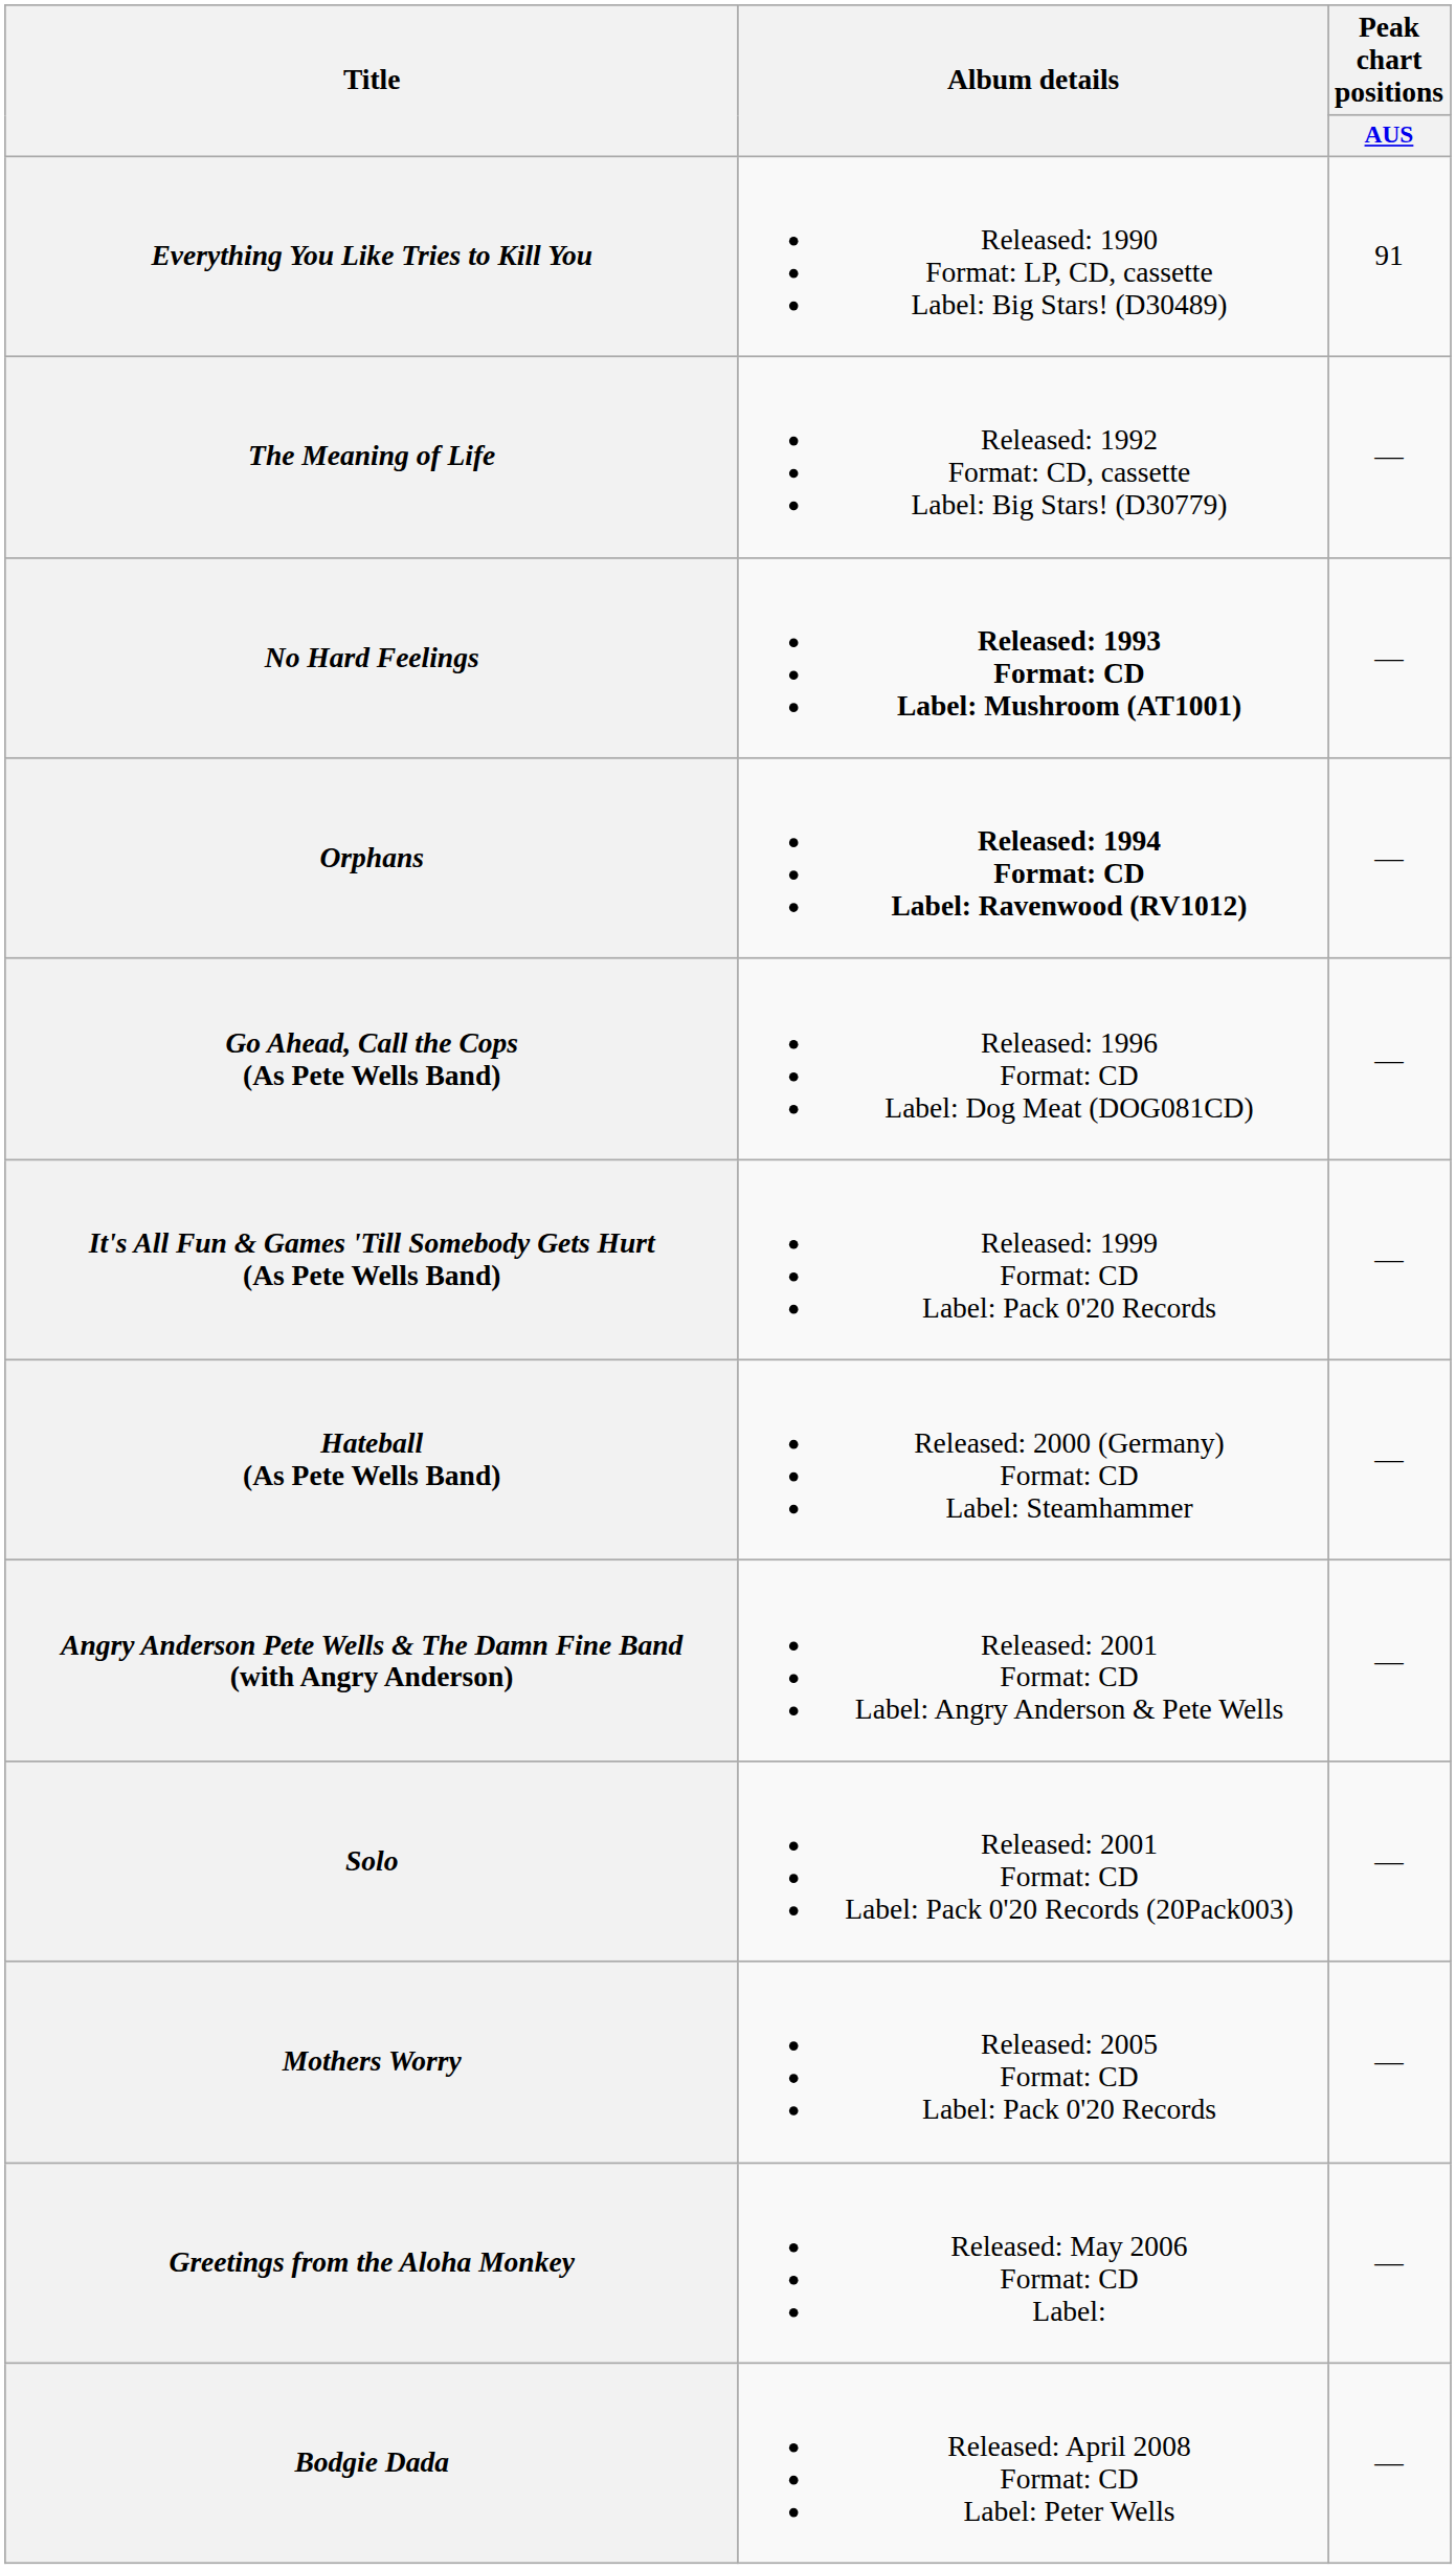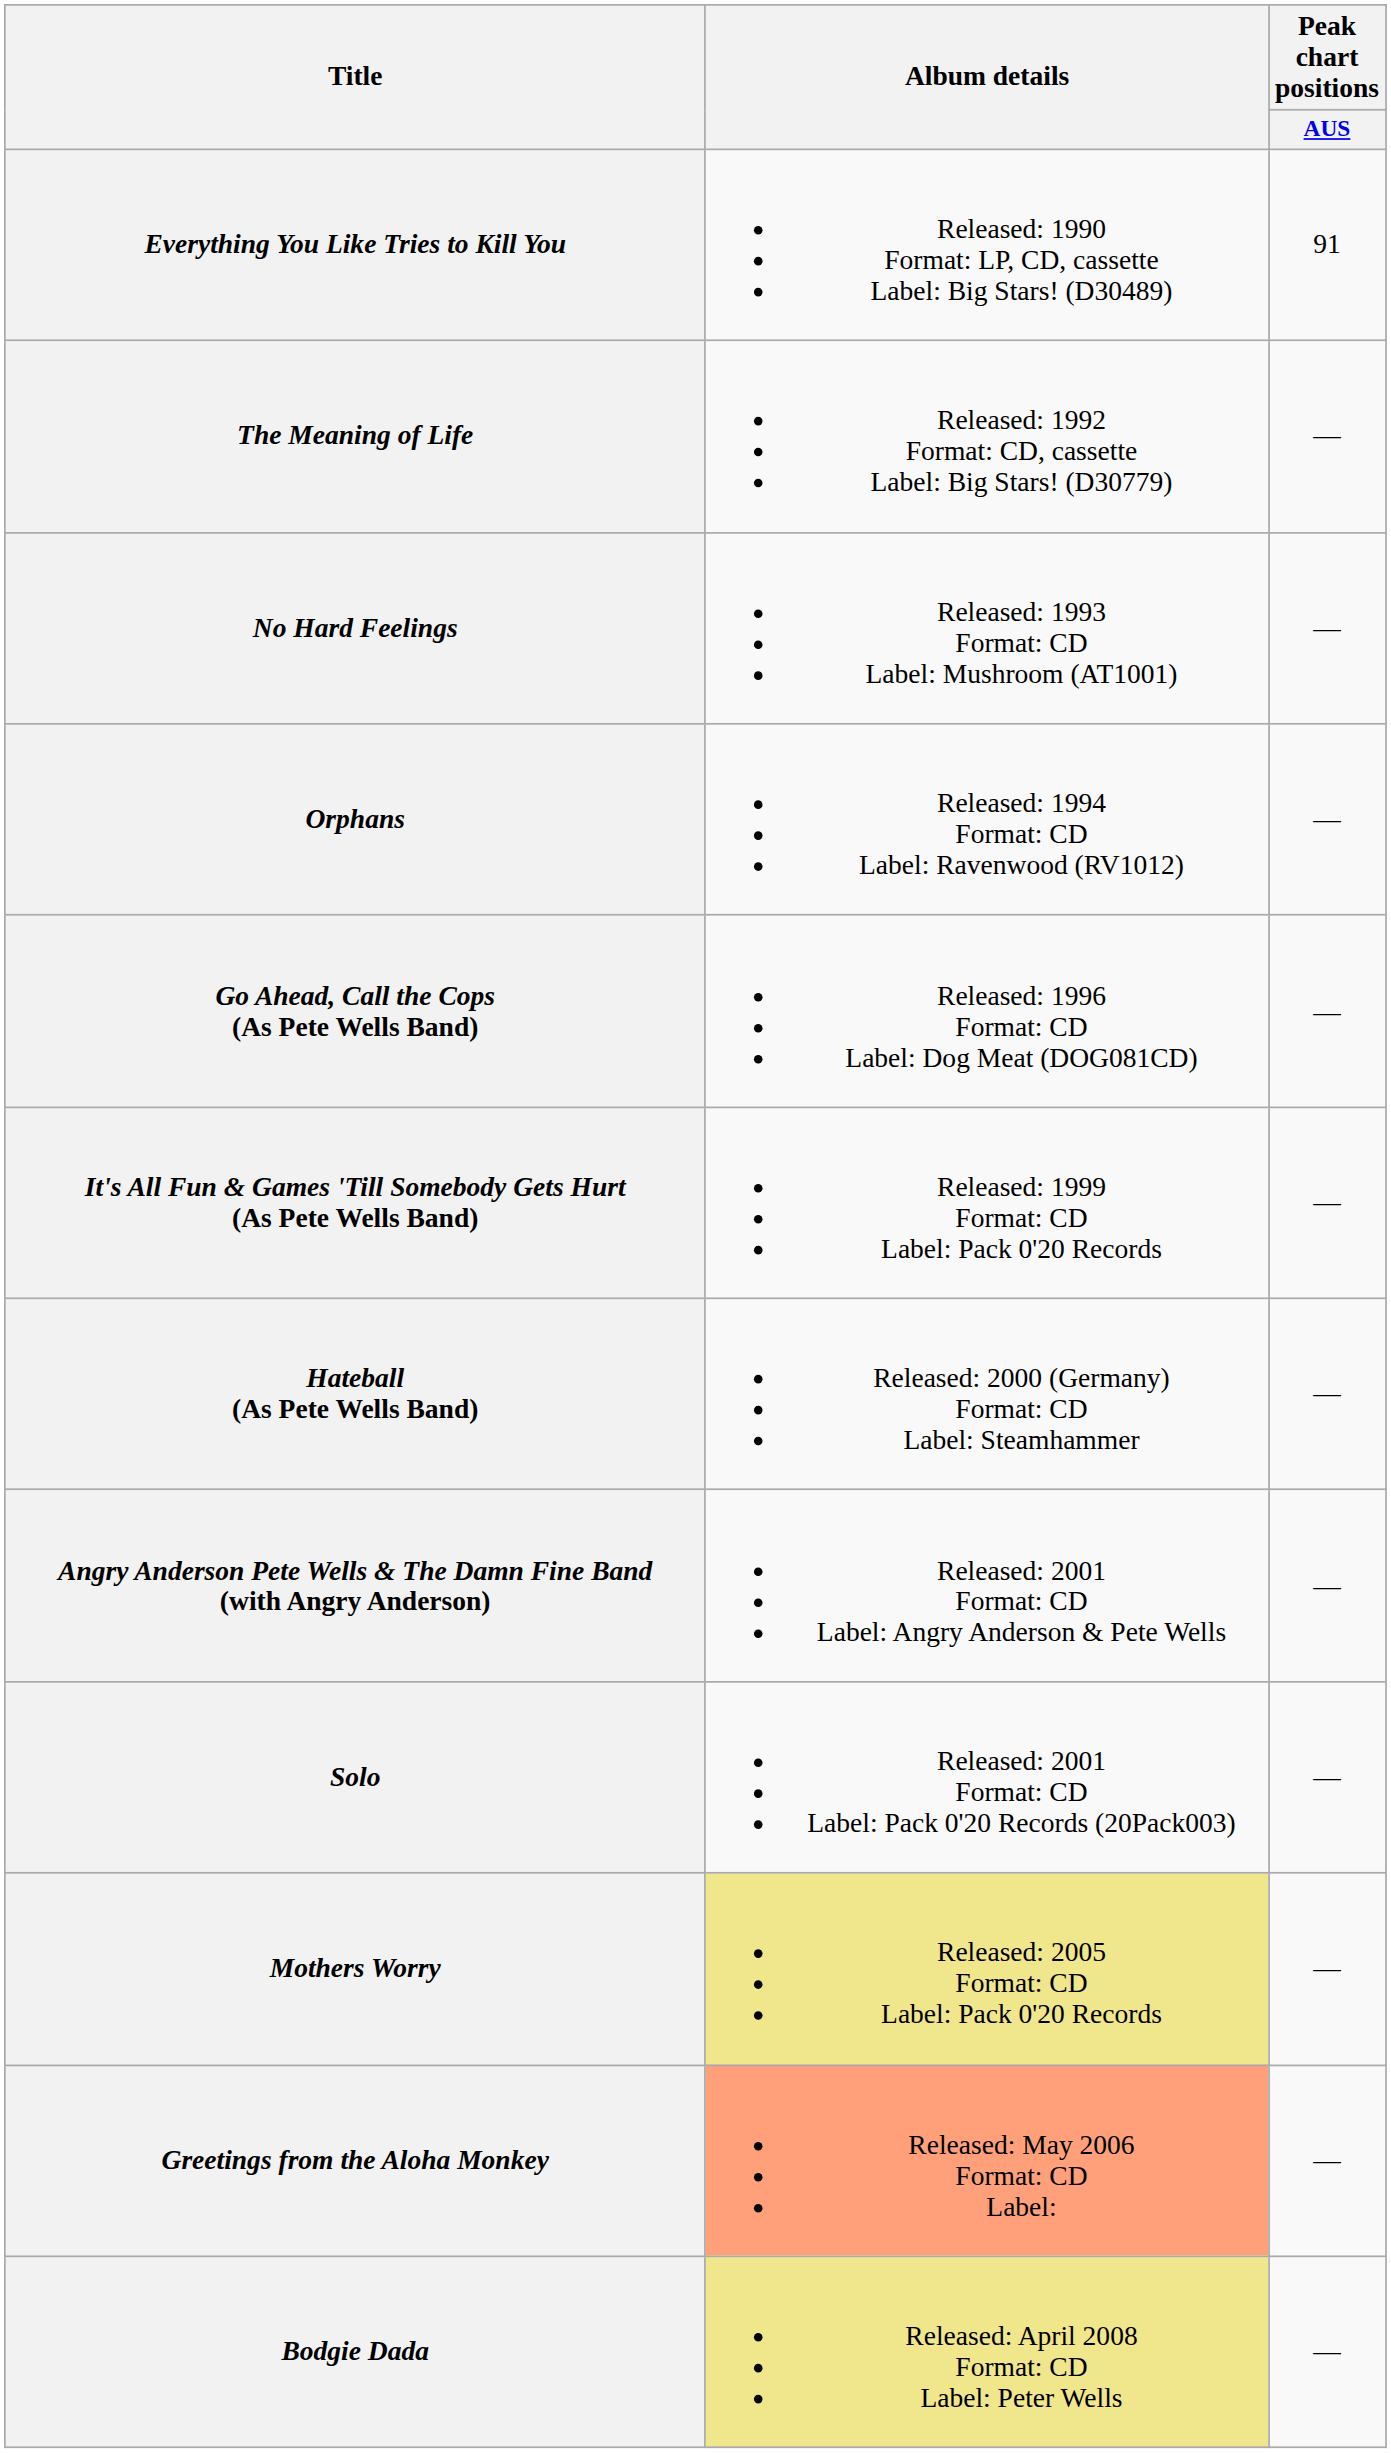 <table class="wikitable plainrowheaders" style="text-align:center;" border="1">
 <tr>
 <th scope="col" rowspan="2" style="width:25em;">Title</th>
 <th scope="col" rowspan="2" style="width:20em;">Album details</th>
 <th scope="col" colspan="1">Peak chart<br>positions</th>
 </tr>
 <tr>
 <th scope="col" style="width:3em; font-size:85%"><a href='#'>AUS</a><br></th>
 </tr>
 <tr>
 <th scope="row"><em>Everything You Like Tries to Kill You</em></th>
 <td><br><ul><li>Released: 1990</li><li>Format: LP, CD, cassette</li><li>Label: Big Stars! (D30489)</li></ul></td>
 <td>91</td>
 </tr>
 <tr>
 <th scope="row"><em>The Meaning of Life</em></th>
 <td><br><ul><li>Released: 1992</li><li>Format: CD, cassette</li><li>Label: Big Stars! (D30779)</li></ul></td>
 <td>—</td>
 </tr>
 <tr>
 <th scope="row"><em>No Hard Feelings</em></th>
-<td><strong><br><ul><li>Released: 1993</li><li>Format: CD</li><li>Label: Mushroom (AT1001)</li></ul></strong></td>
+<td><br><ul><li>Released: 1993</li><li>Format: CD</li><li>Label: Mushroom (AT1001)</li></ul></td>
 <td>—</td>
 </tr>
 <tr>
 <th scope="row"><em>Orphans</em></th>
-<td><strong><br><ul><li>Released: 1994</li><li>Format: CD</li><li>Label: Ravenwood (RV1012)</li></ul></strong></td>
+<td><br><ul><li>Released: 1994</li><li>Format: CD</li><li>Label: Ravenwood (RV1012)</li></ul></td>
 <td>—</td>
 </tr>
 <tr>
 <th scope="row"><em>Go Ahead, Call the Cops</em> <br>(As Pete Wells Band)</th>
 <td><br><ul><li>Released: 1996</li><li>Format: CD</li><li>Label: Dog Meat (DOG081CD)</li></ul></td>
 <td>—</td>
 </tr>
 <tr>
 <th scope="row"><em>It's All Fun & Games 'Till Somebody Gets Hurt</em> <br>(As Pete Wells Band)</th>
 <td><br><ul><li>Released: 1999</li><li>Format: CD</li><li>Label: Pack 0'20 Records</li></ul></td>
 <td>—</td>
 </tr>
 <tr>
 <th scope="row"><em>Hateball</em> <br>(As Pete Wells Band)</th>
 <td><br><ul><li>Released: 2000 (Germany)</li><li>Format: CD</li><li>Label: Steamhammer</li></ul></td>
 <td>—</td>
 </tr>
 <tr>
 <th scope="row"><em>Angry Anderson Pete Wells & The Damn Fine Band</em> <br>(with Angry Anderson)</th>
 <td><br><ul><li>Released: 2001</li><li>Format: CD</li><li>Label: Angry Anderson & Pete Wells</li></ul></td>
 <td>—</td>
 </tr>
 <tr>
 <th scope="row"><em>Solo</em></th>
 <td><br><ul><li>Released: 2001</li><li>Format: CD</li><li>Label: Pack 0'20 Records (20Pack003)</li></ul></td>
 <td>—</td>
 </tr>
 <tr>
 <th scope="row"><em>Mothers Worry</em></th>
-<td><br><ul><li>Released: 2005</li><li>Format: CD</li><li>Label: Pack 0'20 Records</li></ul></td>
+<td style="background: khaki;"><br><ul><li>Released: 2005</li><li>Format: CD</li><li>Label: Pack 0'20 Records</li></ul></td>
 <td>—</td>
 </tr>
 <tr>
 <th scope="row"><em>Greetings from the Aloha Monkey</em></th>
-<td><br><ul><li>Released: May 2006</li><li>Format: CD</li><li>Label:</li></ul></td>
+<td style="background: lightsalmon;"><br><ul><li>Released: May 2006</li><li>Format: CD</li><li>Label:</li></ul></td>
 <td>—</td>
 </tr>
 <tr>
 <th scope="row"><em>Bodgie Dada</em></th>
-<td><br><ul><li>Released: April 2008</li><li>Format: CD</li><li>Label: Peter Wells</li></ul></td>
+<td style="background: khaki;"><br><ul><li>Released: April 2008</li><li>Format: CD</li><li>Label: Peter Wells</li></ul></td>
 <td>—</td>
 </tr>
 </table>
